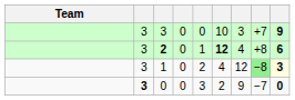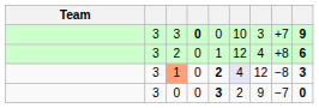 <table class="wikitable" style="text-align:center;">
 <tr>
 <th width=175>Team</th>
 <th width=20></th>
 <th width=20></th>
 <th width=20></th>
 <th width=20></th>
 <th width=20></th>
 <th width=20></th>
 <th width=20></th>
 <th width=20></th>
 </tr>
 <tr bgcolor=ccffcc>
 <td align="left"></td>
 <td>3</td>
 <td>3</td>
-<td>0</td>
+<td><strong>0</strong></td>
 <td>0</td>
 <td>10</td>
 <td>3</td>
 <td>+7</td>
 <td><strong>9</strong></td>
 </tr>
 <tr bgcolor=ccffcc>
 <td align="left"></td>
 <td>3</td>
-<td><strong>2</strong></td>
+<td>2</td>
 <td>0</td>
 <td>1</td>
-<td><strong>12</strong></td>
+<td>12</td>
 <td>4</td>
 <td>+8</td>
 <td><strong>6</strong></td>
 </tr>
 <tr>
 <td align="left"></td>
 <td>3</td>
-<td>1</td>
+<td style="background: lightsalmon;">1</td>
 <td>0</td>
-<td>2</td>
-<td>4</td>
+<td><strong>2</strong></td>
+<td style="background: lavender;">4</td>
 <td>12</td>
-<td style="background: lightgreen;">−8</td>
-<td style="background: lightyellow;"><strong>3</strong></td>
+<td>−8</td>
+<td><strong>3</strong></td>
 </tr>
 <tr>
 <td align="left"></td>
-<td><strong>3</strong></td>
+<td>3</td>
 <td>0</td>
 <td>0</td>
-<td>3</td>
+<td><strong>3</strong></td>
 <td>2</td>
 <td>9</td>
 <td>−7</td>
 <td><strong>0</strong></td>
 </tr>
 </table>
